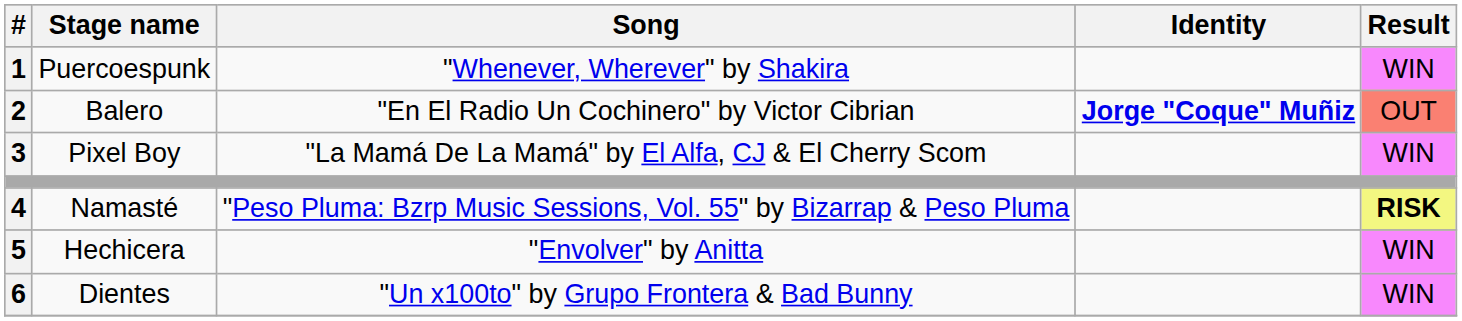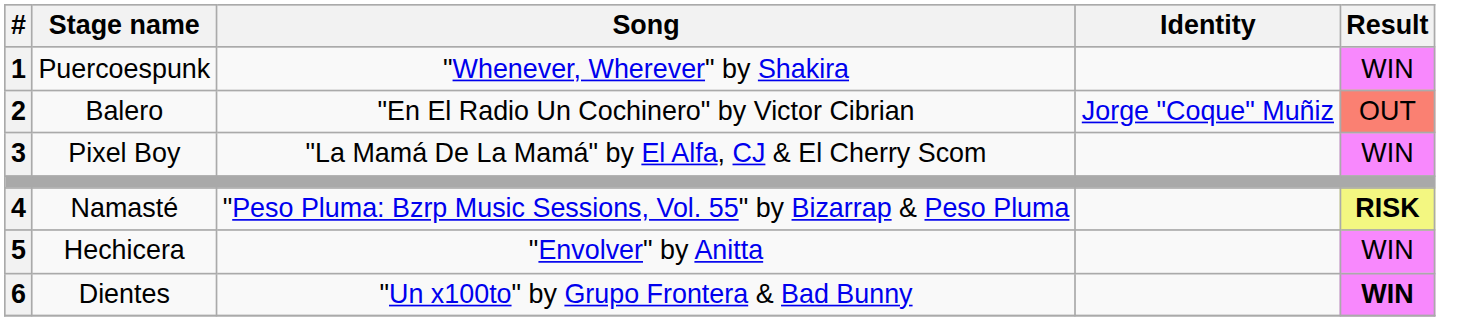 <table class="wikitable plainrowheaders" style="text-align: center;">
 <tr>
 <th>#</th>
 <th>Stage name</th>
 <th>Song</th>
 <th>Identity</th>
 <th>Result</th>
 </tr>
 <tr>
 <th>1</th>
 <td>Puercoespunk</td>
 <td>"<a href='#'>Whenever, Wherever</a>" by <a href='#'>Shakira</a></td>
 <td></td>
 <td bgcolor=#F888FD>WIN</td>
 </tr>
 <tr>
 <th>2</th>
 <td>Balero</td>
 <td>"En El Radio Un Cochinero" by Victor Cibrian</td>
-<td><strong><a href='#'>Jorge "Coque" Muñiz</a></strong></td>
+<td><a href='#'>Jorge "Coque" Muñiz</a></td>
 <td bgcolor=salmon>OUT</td>
 </tr>
 <tr>
 <th>3</th>
 <td>Pixel Boy</td>
 <td>"La Mamá De La Mamá" by <a href='#'>El Alfa</a>, <a href='#'>CJ</a> & El Cherry Scom</td>
 <td></td>
 <td bgcolor=#F888FD>WIN</td>
 </tr>
 <tr>
 <td colspan="5" style="background:darkgray"></td>
 </tr>
 <tr>
 <th>4</th>
 <td>Namasté</td>
 <td>"<a href='#'>Peso Pluma: Bzrp Music Sessions, Vol. 55</a>" by <a href='#'>Bizarrap</a> & <a href='#'>Peso Pluma</a></td>
 <td></td>
 <td bgcolor=#F3F781><strong>RISK</strong></td>
 </tr>
 <tr>
 <th>5</th>
 <td>Hechicera</td>
 <td>"<a href='#'>Envolver</a>" by <a href='#'>Anitta</a></td>
 <td></td>
 <td bgcolor=#F888FD>WIN</td>
 </tr>
 <tr>
 <th>6</th>
 <td>Dientes</td>
 <td>"<a href='#'>Un x100to</a>" by <a href='#'>Grupo Frontera</a> & <a href='#'>Bad Bunny</a></td>
 <td></td>
-<td bgcolor=#F888FD>WIN</td>
+<td bgcolor=#F888FD><strong>WIN</strong></td>
 </tr>
 <tr>
 </tr>
 </table>
